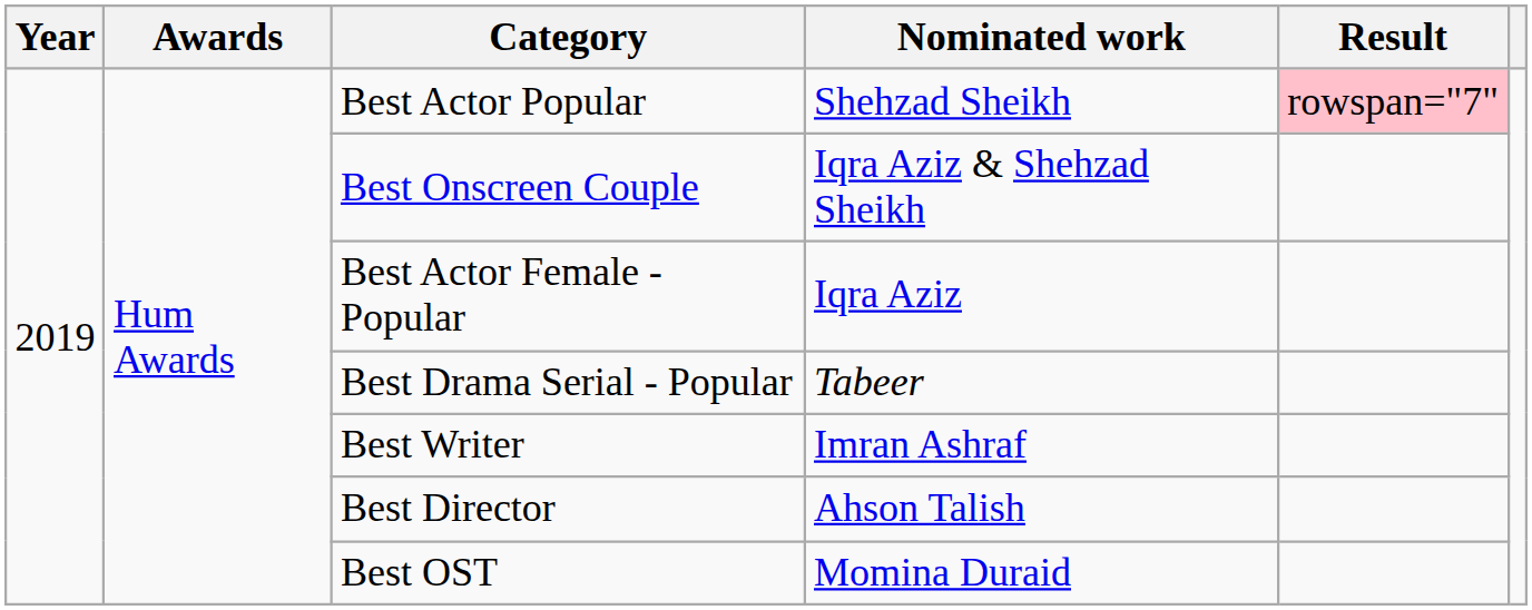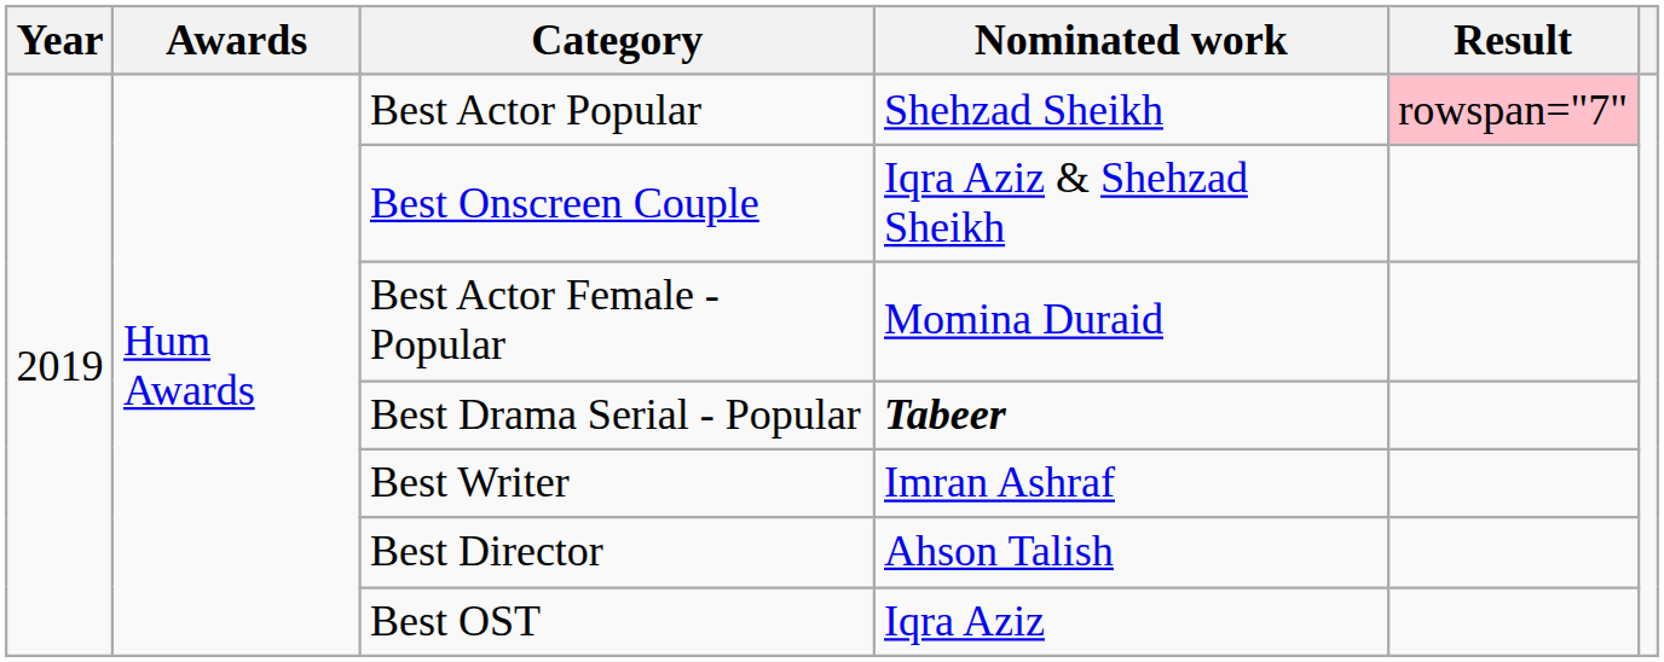 <table class="wikitable sortable">
 <tr>
 <th>Year</th>
 <th>Awards</th>
 <th>Category</th>
 <th>Nominated work</th>
 <th>Result</th>
 <th scope="col" class="unsortable"></th>
 </tr>
 <tr>
 <td rowspan="7">2019</td>
 <td rowspan="7"><a href='#'>Hum Awards</a></td>
 <td>Best Actor Popular</td>
 <td><a href='#'>Shehzad Sheikh</a></td>
 <td style="background: pink;">rowspan="7" </td>
 </tr>
 <tr>
 <td><a href='#'>Best Onscreen Couple</a></td>
 <td><a href='#'>Iqra Aziz</a> & <a href='#'>Shehzad Sheikh</a></td>
 <td></td>
 </tr>
 <tr>
 <td>Best Actor Female - Popular</td>
-<td><a href='#'>Iqra Aziz</a></td>
+<td><a href='#'>Momina Duraid</a></td>
 <td></td>
 </tr>
 <tr>
 <td>Best Drama Serial - Popular</td>
-<td><em>Tabeer</em></td>
+<td><strong><em>Tabeer</em></strong></td>
 <td></td>
 </tr>
 <tr>
 <td>Best Writer</td>
 <td><a href='#'>Imran Ashraf</a></td>
 <td></td>
 </tr>
 <tr>
 <td>Best Director</td>
 <td><a href='#'>Ahson Talish</a></td>
 <td></td>
 </tr>
 <tr>
 <td>Best OST</td>
-<td><a href='#'>Momina Duraid</a></td>
+<td><a href='#'>Iqra Aziz</a></td>
 <td></td>
 </tr>
 </table>
